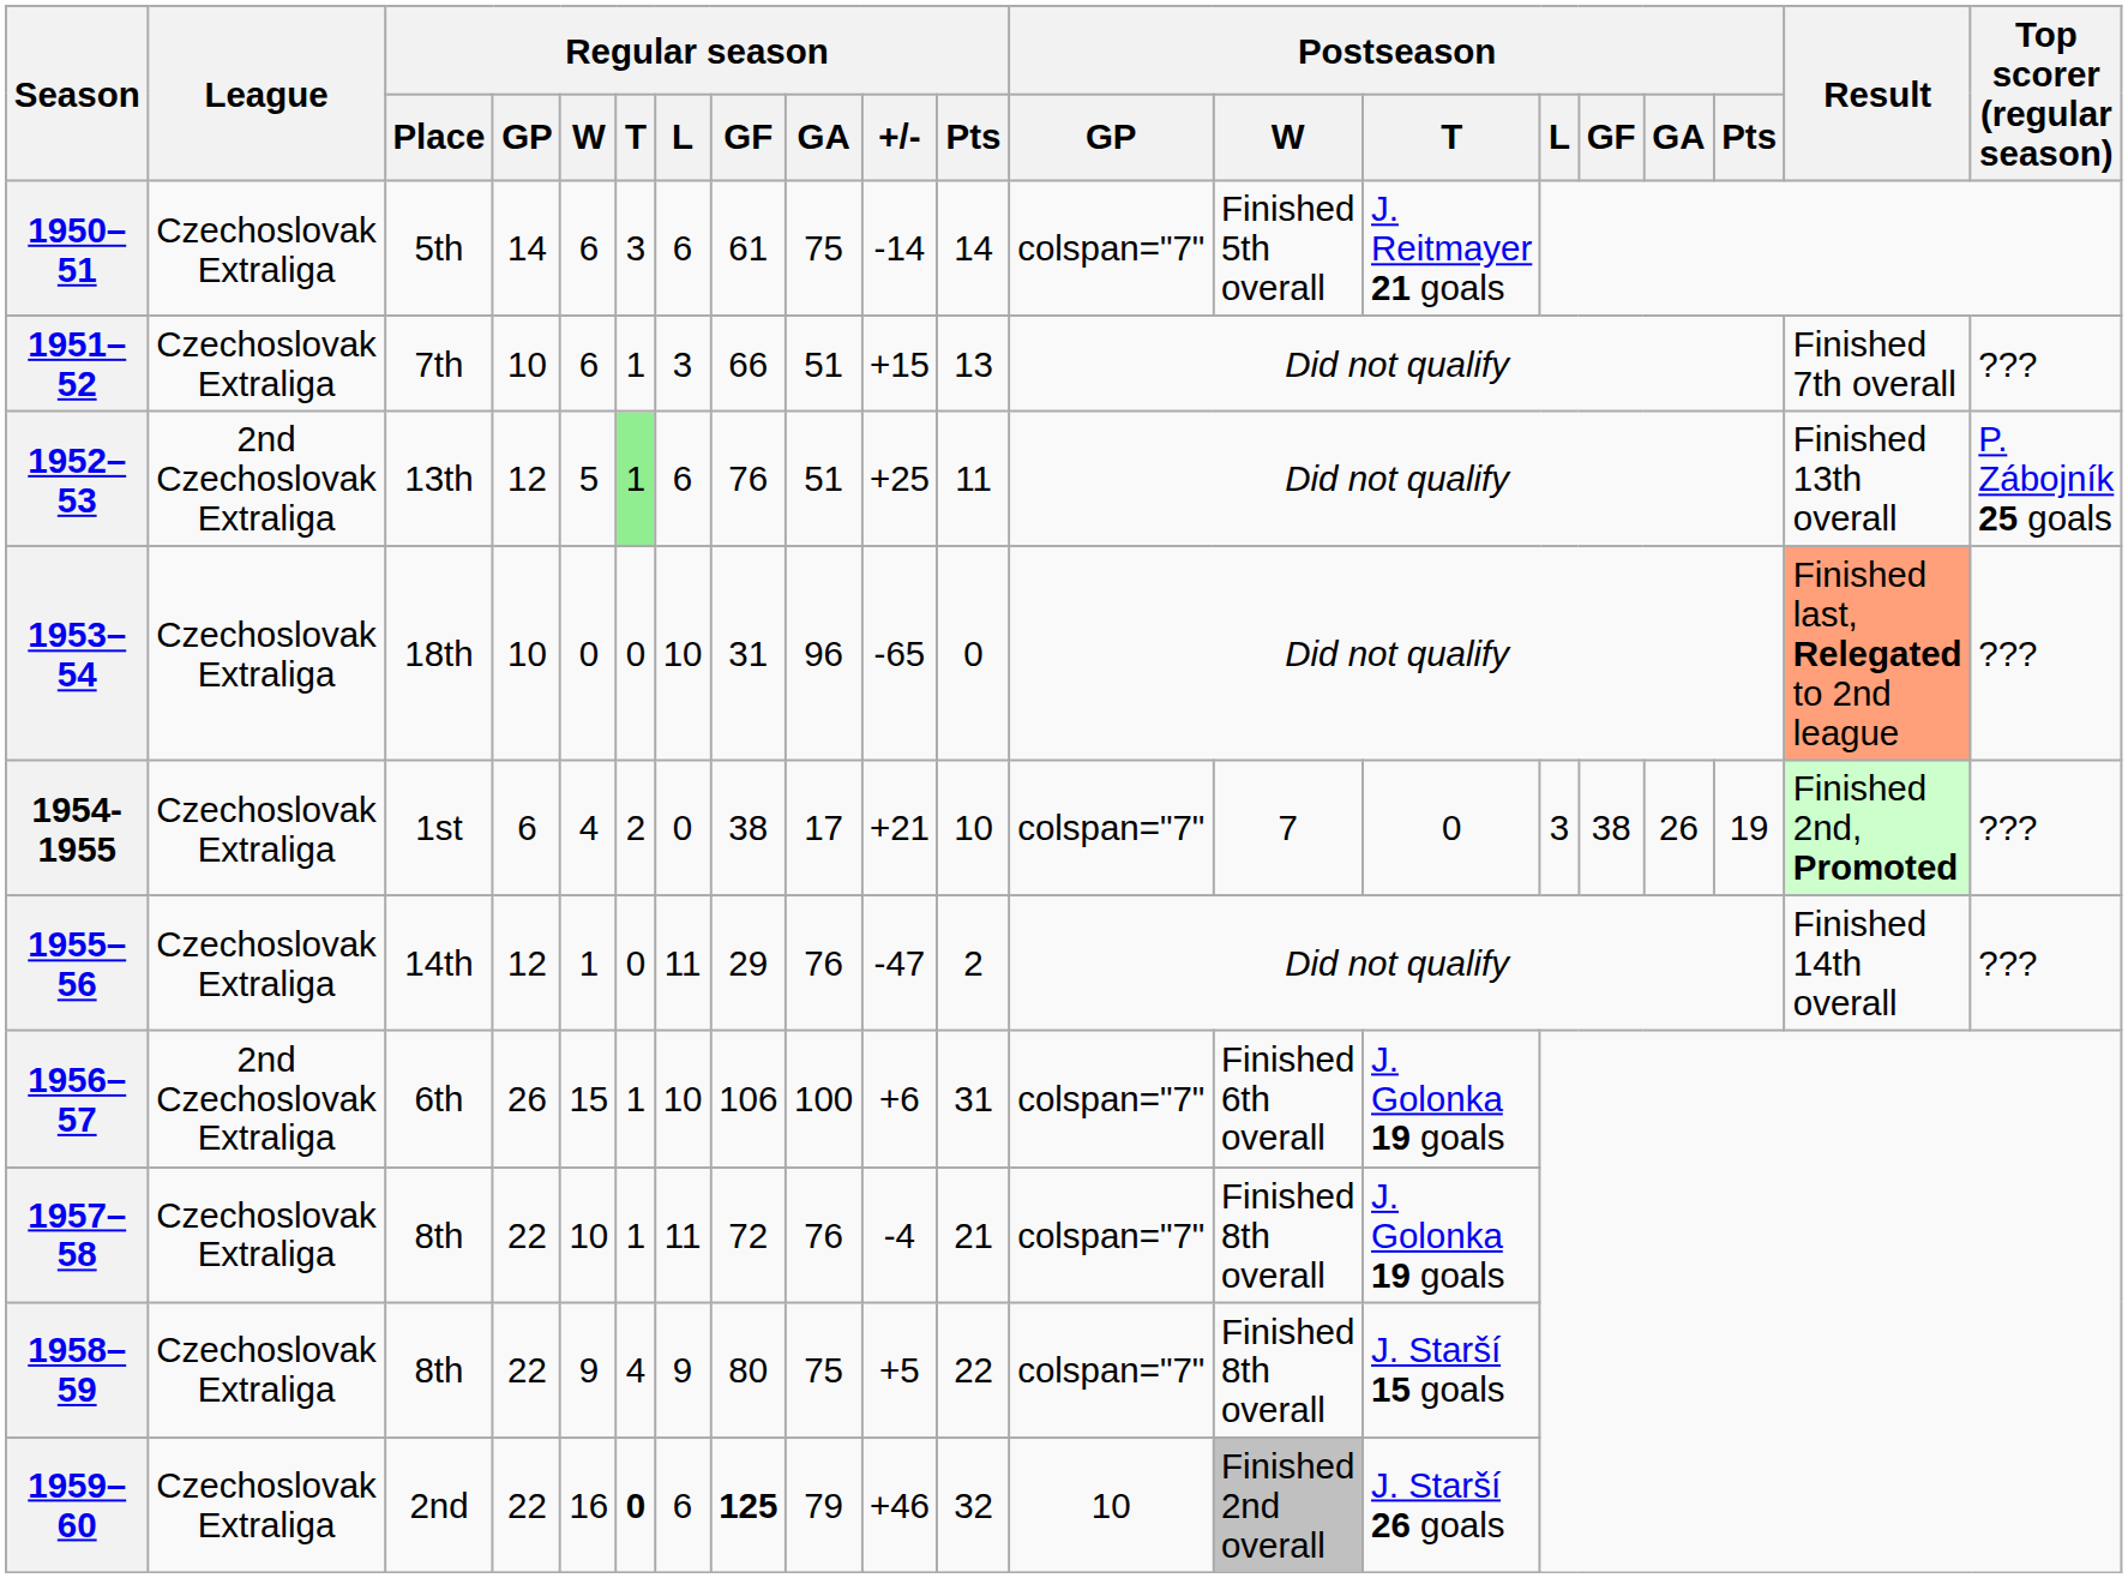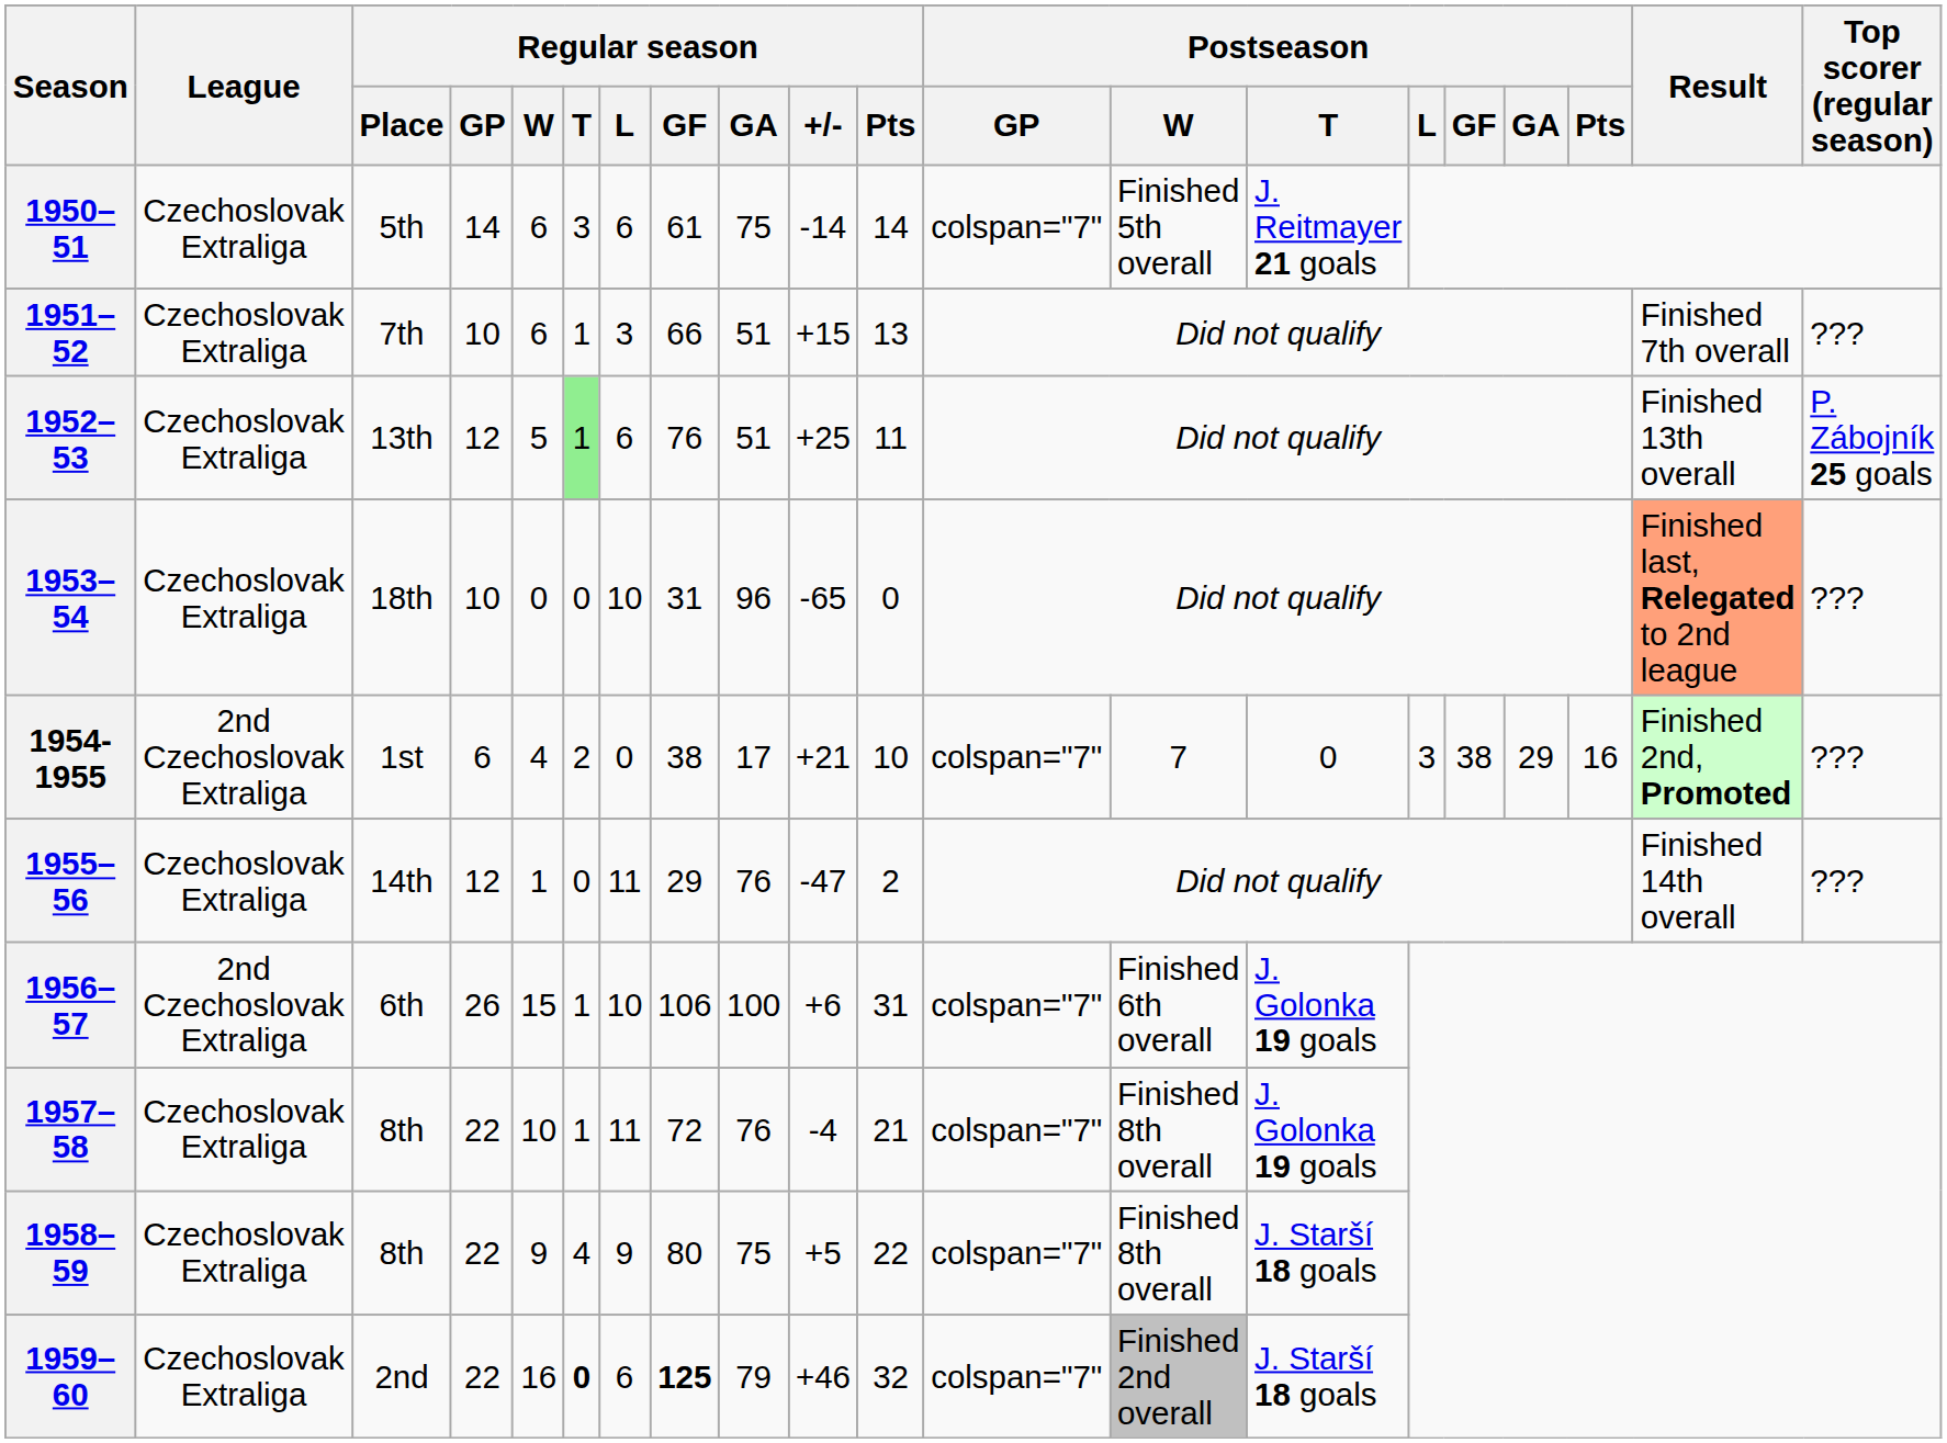 <table class="wikitable collapsible" style="text-align: center; font-size: 95%">
 <tr>
 <th rowspan="2">Season</th>
 <th rowspan="2">League</th>
 <th colspan="9">Regular season</th>
 <th colspan="7">Postseason</th>
 <th rowspan="2">Result</th>
 <th rowspan="2">Top scorer (regular season)</th>
 </tr>
 <tr>
 <th>Place</th>
 <th>GP</th>
 <th>W</th>
 <th>T</th>
 <th>L</th>
 <th>GF</th>
 <th>GA</th>
 <th>+/-</th>
 <th>Pts</th>
 <th>GP</th>
 <th>W</th>
 <th>T</th>
 <th>L</th>
 <th>GF</th>
 <th>GA</th>
 <th>Pts</th>
 </tr>
 <tr>
 <th><a href='#'>1950–51</a></th>
 <td>Czechoslovak Extraliga</td>
 <td>5th</td>
 <td>14</td>
 <td>6</td>
 <td>3</td>
 <td>6</td>
 <td>61</td>
 <td>75</td>
 <td>-14</td>
 <td>14</td>
 <td>colspan="7" </td>
 <td align=left>Finished 5th overall</td>
 <td align=left> <a href='#'>J. Reitmayer</a> <strong>21</strong> goals</td>
 </tr>
 <tr>
 <th><a href='#'>1951–52</a></th>
 <td>Czechoslovak Extraliga</td>
 <td>7th</td>
 <td>10</td>
 <td>6</td>
 <td>1</td>
 <td>3</td>
 <td>66</td>
 <td>51</td>
 <td>+15</td>
 <td>13</td>
 <td colspan="7"><em>Did not qualify</em></td>
 <td align=left>Finished 7th overall</td>
 <td align=left>???</td>
 </tr>
 <tr>
 <th><a href='#'>1952–53</a></th>
-<td>2nd Czechoslovak Extraliga</td>
+<td>Czechoslovak Extraliga</td>
 <td>13th</td>
 <td>12</td>
 <td>5</td>
 <td style="background: lightgreen;">1</td>
 <td>6</td>
 <td>76</td>
 <td>51</td>
 <td>+25</td>
 <td>11</td>
 <td colspan="7"><em>Did not qualify</em></td>
 <td align=left>Finished 13th overall</td>
 <td align=left><a href='#'>P. Zábojník</a> <strong>25</strong> goals</td>
 </tr>
 <tr>
 <th><a href='#'>1953–54</a></th>
 <td>Czechoslovak Extraliga</td>
 <td>18th</td>
 <td>10</td>
 <td>0</td>
 <td>0</td>
 <td>10</td>
 <td>31</td>
 <td>96</td>
 <td>-65</td>
 <td>0</td>
 <td colspan="7"><em>Did not qualify</em></td>
 <td align=left bgcolor="FFA07A">Finished last, <strong>Relegated</strong> to 2nd league</td>
 <td align=left>???</td>
 </tr>
 <tr>
 <th>1954-1955</th>
-<td>Czechoslovak Extraliga</td>
+<td>2nd Czechoslovak Extraliga</td>
 <td>1st</td>
 <td>6</td>
 <td>4</td>
 <td>2</td>
 <td>0</td>
 <td>38</td>
 <td>17</td>
 <td>+21</td>
 <td>10</td>
 <td>colspan="7" </td>
 <td>7</td>
 <td>0</td>
 <td>3</td>
 <td>38</td>
-<td>26</td>
-<td>19</td>
+<td>29</td>
+<td>16</td>
 <td align=left bgcolor="ccffcc">Finished 2nd, <strong>Promoted</strong></td>
 <td align=left>???</td>
 </tr>
 <tr>
 <th><a href='#'>1955–56</a></th>
 <td>Czechoslovak Extraliga</td>
 <td>14th</td>
 <td>12</td>
 <td>1</td>
 <td>0</td>
 <td>11</td>
 <td>29</td>
 <td>76</td>
 <td>-47</td>
 <td>2</td>
 <td colspan="7"><em>Did not qualify</em></td>
 <td align=left>Finished 14th overall</td>
 <td align=left>???</td>
 </tr>
 <tr>
 <th><a href='#'>1956–57</a></th>
 <td>2nd Czechoslovak Extraliga</td>
 <td>6th</td>
 <td>26</td>
 <td>15</td>
 <td>1</td>
 <td>10</td>
 <td>106</td>
 <td>100</td>
 <td>+6</td>
 <td>31</td>
 <td>colspan="7" </td>
 <td align=left>Finished 6th overall</td>
 <td align=left>  <a href='#'>J. Golonka</a> <strong>19</strong> goals</td>
 </tr>
 <tr>
 <th><a href='#'>1957–58</a></th>
 <td>Czechoslovak Extraliga</td>
 <td>8th</td>
 <td>22</td>
 <td>10</td>
 <td>1</td>
 <td>11</td>
 <td>72</td>
 <td>76</td>
 <td>-4</td>
 <td>21</td>
 <td>colspan="7" </td>
 <td align=left>Finished 8th overall</td>
 <td align=left>  <a href='#'>J. Golonka</a> <strong>19</strong> goals</td>
 </tr>
 <tr>
 <th><a href='#'>1958–59</a></th>
 <td>Czechoslovak Extraliga</td>
 <td>8th</td>
 <td>22</td>
 <td>9</td>
 <td>4</td>
 <td>9</td>
 <td>80</td>
 <td>75</td>
 <td>+5</td>
 <td>22</td>
 <td>colspan="7" </td>
 <td align=left>Finished 8th overall</td>
-<td align=left>  <a href='#'>J. Starší</a> <strong>15</strong> goals</td>
+<td align=left>  <a href='#'>J. Starší</a> <strong>18</strong> goals</td>
 </tr>
 <tr>
 <th><a href='#'>1959–60</a></th>
 <td>Czechoslovak Extraliga</td>
 <td>2nd</td>
 <td>22</td>
 <td>16</td>
 <td><strong>0</strong></td>
 <td>6</td>
 <td><strong>125</strong></td>
 <td>79</td>
 <td>+46</td>
 <td>32</td>
-<td>10</td>
+<td>colspan="7" </td>
 <td align=left bgcolor="silver">Finished 2nd overall</td>
-<td align=left>  <a href='#'>J. Starší</a> <strong>26</strong> goals</td>
+<td align=left>  <a href='#'>J. Starší</a> <strong>18</strong> goals</td>
 </tr>
 <tr>
 </tr>
 </table>
